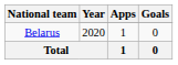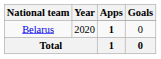 <table class="wikitable" style="text-align:center">
 <tr>
 <th>National team</th>
 <th>Year</th>
 <th>Apps</th>
 <th>Goals</th>
 </tr>
 <tr>
 <td rowspan=2><a href='#'>Belarus</a></td>
 </tr>
 <tr>
 <td>2020</td>
-<td>1</td>
+<td><strong>1</strong></td>
 <td>0</td>
 </tr>
 <tr>
 <th colspan="2">Total</th>
 <th>1</th>
 <th>0</th>
 </tr>
 </table>
